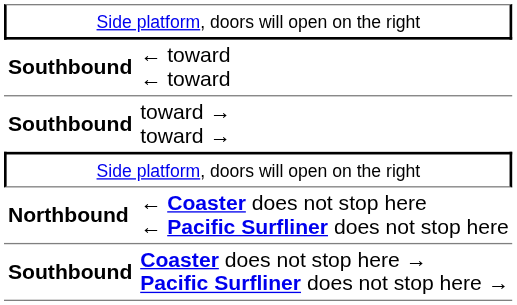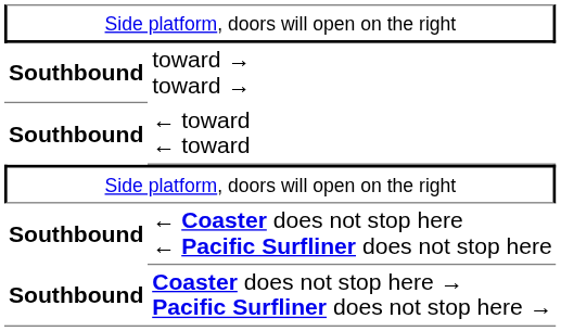 <table table border=0 cellspacing=0 cellpadding=3>
 <tr>
 <td style="border-top:solid 1px gray;border-bottom:solid 1px gray;border-right:solid 2px black;border-left:solid 2px black;border-bottom:solid 2px black;text-align:center;" colspan=2><small><a href='#'>Side platform</a>, doors will open on the right</small></td>
 </tr>
 <tr>
 <td style="border-bottom:solid 1px gray;"><strong>Southbound</strong></td>
-<td style="border-bottom:solid 1px gray;">← <strong></strong> toward  <br>← <strong></strong> toward  </td>
+<td style="border-bottom:solid 0px gray;"> <strong></strong> toward   →<br> <strong></strong> toward   →</td>
 </tr>
 <tr>
 <td style="border-bottom:solid 0px gray;"><strong>Southbound</strong></td>
-<td style="border-bottom:solid 0px gray;"> <strong></strong> toward   →<br> <strong></strong> toward   →</td>
+<td style="border-bottom:solid 1px gray;">← <strong></strong> toward  <br>← <strong></strong> toward  </td>
 </tr>
 <tr>
 <td style="border-top:solid 2px black;border-right:solid 2px black;border-left:solid 2px black;border-bottom:solid 1px gray;text-align:center;" colspan=2><small><a href='#'>Side platform</a>, doors will open on the right</small></td>
 </tr>
 <tr>
-<td style="border-bottom:solid 1px gray;"><strong>Northbound</strong></td>
+<td style="border-bottom:solid 0px gray;"><strong>Southbound</strong></td>
 <td style="border-bottom:solid 1px gray;">←  <strong><a href='#'>Coaster</a></strong> does not stop here<br>←  <strong><a href='#'>Pacific Surfliner</a></strong> does not stop here</td>
 </tr>
 <tr>
 <td style="border-bottom:solid 1px gray;"><strong>Southbound</strong></td>
 <td style="border-bottom:solid 1px gray;">  <strong><a href='#'>Coaster</a></strong> does not stop here →<br>  <strong><a href='#'>Pacific Surfliner</a></strong> does not stop here →</td>
 </tr>
 </table>
